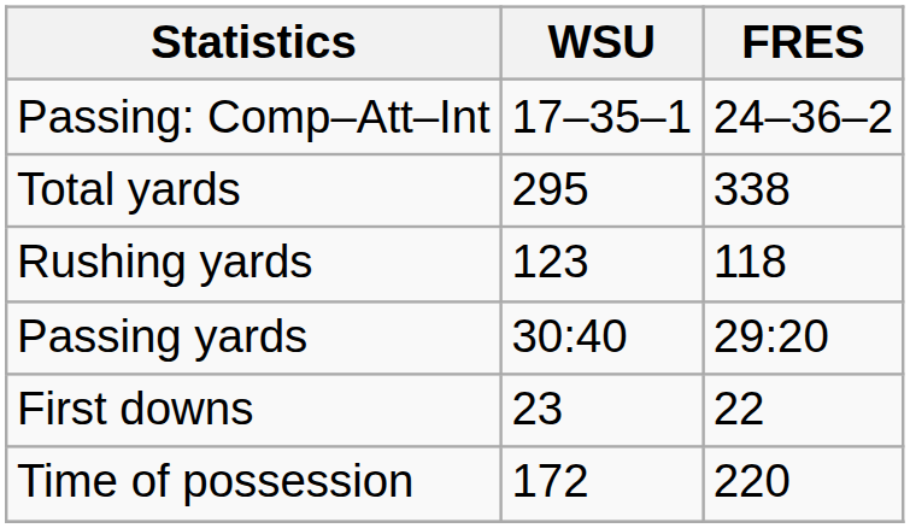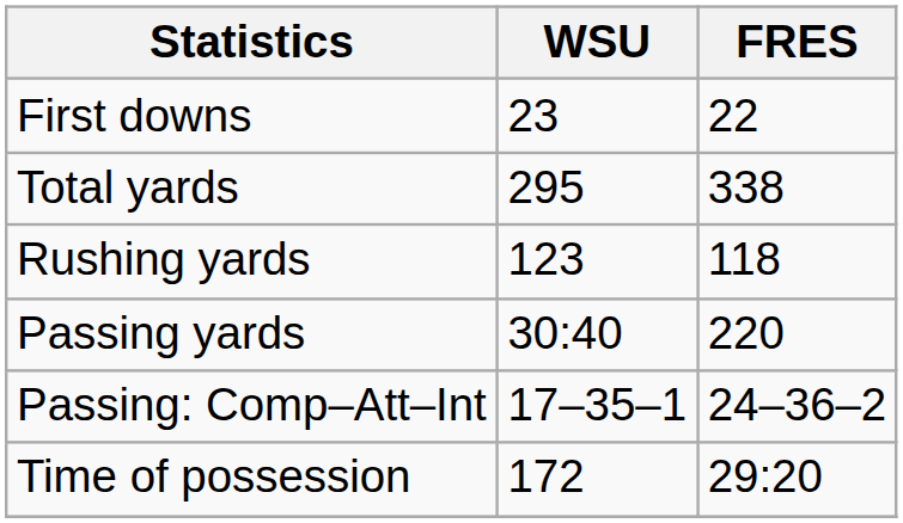 <table class="wikitable" style="float: left;">
 <tr>
 <th>Statistics</th>
 <th>WSU</th>
 <th>FRES</th>
 </tr>
 <tr>
-<td>Passing: Comp–Att–Int</td>
-<td>17–35–1</td>
-<td>24–36–2</td>
+<td>First downs</td>
+<td>23</td>
+<td>22</td>
 </tr>
 <tr>
 <td>Total yards</td>
 <td>295</td>
 <td>338</td>
 </tr>
 <tr>
 <td>Rushing yards</td>
 <td>123</td>
 <td>118</td>
 </tr>
 <tr>
 <td>Passing yards</td>
 <td>30:40</td>
-<td>29:20</td>
+<td>220</td>
 </tr>
 <tr>
-<td>First downs</td>
-<td>23</td>
-<td>22</td>
+<td>Passing: Comp–Att–Int</td>
+<td>17–35–1</td>
+<td>24–36–2</td>
 </tr>
 <tr>
 <td>Time of possession</td>
 <td>172</td>
-<td>220</td>
+<td>29:20</td>
 </tr>
 <tr>
 </tr>
 </table>
